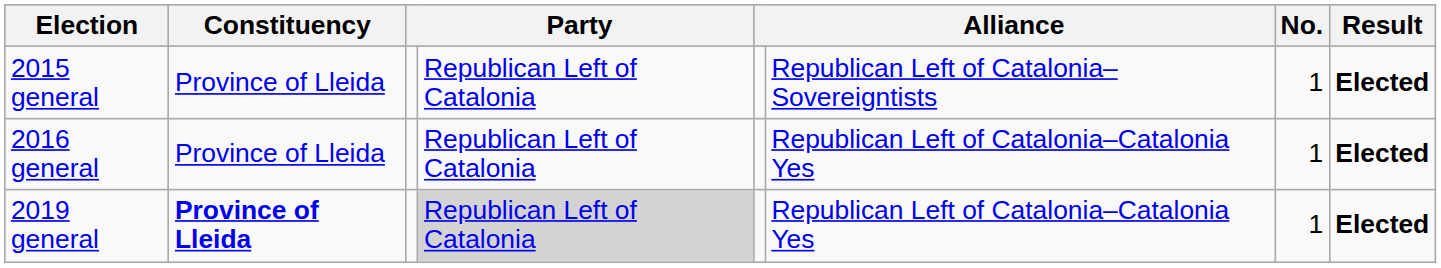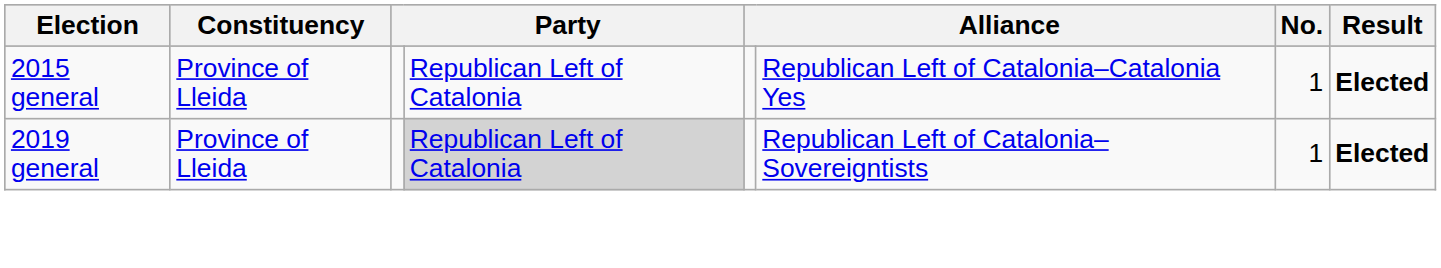 <table class="wikitable" style="text-align:left;">
 <tr>
 <th scope=col>Election</th>
 <th scope=col>Constituency</th>
 <th scope=col colspan="2">Party</th>
 <th scope=col colspan="2">Alliance</th>
 <th scope=col>No.</th>
 <th scope=col>Result</th>
 </tr>
 <tr>
 <td><a href='#'>2015 general</a></td>
 <td><a href='#'>Province of Lleida</a></td>
 <td style="background:"></td>
 <td><a href='#'>Republican Left of Catalonia</a></td>
 <td style="background:"></td>
-<td><a href='#'>Republican Left of Catalonia–Sovereigntists</a></td>
-<td align=right>1</td>
-<td><strong>Elected</strong></td>
-</tr>
-<tr>
-<td><a href='#'>2016 general</a></td>
-<td><a href='#'>Province of Lleida</a></td>
-<td style="background:"></td>
-<td><a href='#'>Republican Left of Catalonia</a></td>
-<td style="background:"></td>
 <td><a href='#'>Republican Left of Catalonia–Catalonia Yes</a></td>
 <td align=right>1</td>
 <td><strong>Elected</strong></td>
 </tr>
 <tr>
 <td><a href='#'>2019 general</a></td>
-<td><strong><a href='#'>Province of Lleida</a></strong></td>
+<td><a href='#'>Province of Lleida</a></td>
 <td style="background:"></td>
 <td style="background: lightgrey;"><a href='#'>Republican Left of Catalonia</a></td>
 <td style="background:"></td>
-<td><a href='#'>Republican Left of Catalonia–Catalonia Yes</a></td>
+<td><a href='#'>Republican Left of Catalonia–Sovereigntists</a></td>
 <td align=right>1</td>
 <td><strong>Elected</strong></td>
 </tr>
 </table>
